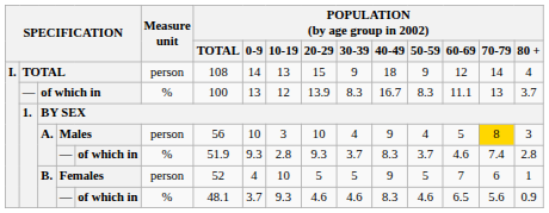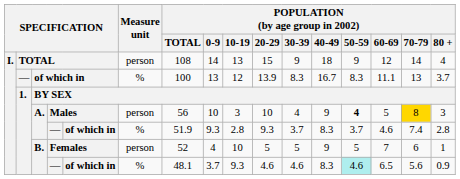 <table class="wikitable" style="font-size:85%; text-align:center">
 <tr>
 <th rowspan="2" colspan="5">SPECIFICATION</th>
 <th rowspan="2">Measure<br> unit</th>
 <th colspan="10" rowspan="1">POPULATION<br> (by age group in 2002)</th>
 </tr>
 <tr>
 <th>TOTAL</th>
 <th>0-9</th>
 <th>10-19</th>
 <th>20-29</th>
 <th>30-39</th>
 <th>40-49</th>
 <th>50-59</th>
 <th>60-69</th>
 <th>70-79</th>
 <th>80 +</th>
 </tr>
 <tr>
 <th style="text-align:left" valign="top" rowspan="7">I.</th>
 <th style="text-align:left" colspan="4">TOTAL</th>
 <td>person</td>
 <td>108</td>
 <td>14</td>
 <td>13</td>
 <td>15</td>
 <td>9</td>
 <td>18</td>
 <td>9</td>
 <td>12</td>
 <td>14</td>
 <td>4</td>
 </tr>
 <tr>
 <th style="text-align:left" valign="top">—</th>
 <th style="text-align:left" colspan="3">of which in</th>
 <td>%</td>
 <td>100</td>
 <td>13</td>
 <td>12</td>
 <td>13.9</td>
 <td>8.3</td>
 <td>16.7</td>
 <td>8.3</td>
 <td>11.1</td>
 <td>13</td>
 <td>3.7</td>
 </tr>
 <tr>
 <th style="text-align:left" valign="top" rowspan="5">1.</th>
 <th style="text-align:left" colspan="14">BY SEX</th>
 </tr>
 <tr>
 <th style="text-align:left" valign="top" rowspan="2">A.</th>
 <th style="text-align:left" colspan="2">Males</th>
 <td>person</td>
 <td>56</td>
 <td>10</td>
 <td>3</td>
 <td>10</td>
 <td>4</td>
 <td>9</td>
-<td>4</td>
+<td><strong>4</strong></td>
 <td>5</td>
 <td style="background: gold;">8</td>
 <td>3</td>
 </tr>
 <tr>
 <th style="text-align:left" valign="top">—</th>
 <th style="text-align:left" colspan="1">of which in</th>
 <td>%</td>
 <td>51.9</td>
 <td>9.3</td>
 <td>2.8</td>
 <td>9.3</td>
 <td>3.7</td>
 <td>8.3</td>
 <td>3.7</td>
 <td>4.6</td>
 <td>7.4</td>
 <td>2.8</td>
 </tr>
 <tr>
 <th style="text-align:left" valign="top" rowspan="2">B.</th>
 <th style="text-align:left" colspan="2">Females</th>
 <td>person</td>
 <td>52</td>
 <td>4</td>
 <td>10</td>
 <td>5</td>
 <td>5</td>
 <td>9</td>
 <td>5</td>
 <td>7</td>
 <td>6</td>
 <td>1</td>
 </tr>
 <tr>
 <th style="text-align:left" valign="top">—</th>
 <th style="text-align:left" colspan="1">of which in</th>
 <td>%</td>
 <td>48.1</td>
 <td>3.7</td>
 <td>9.3</td>
 <td>4.6</td>
 <td>4.6</td>
 <td>8.3</td>
-<td>4.6</td>
+<td style="background: paleturquoise;">4.6</td>
 <td>6.5</td>
 <td>5.6</td>
 <td>0.9</td>
 </tr>
 </table>
